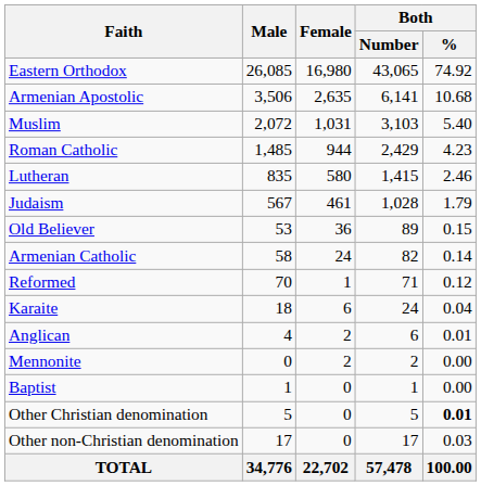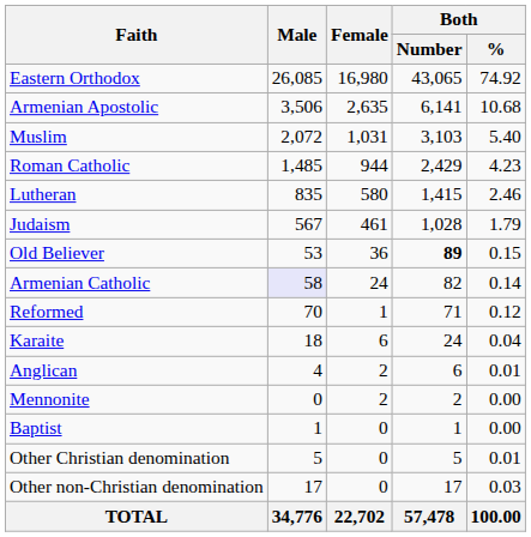 <table class="wikitable sortable">
 <tr>
 <th rowspan="2">Faith</th>
 <th rowspan="2">Male</th>
 <th rowspan="2">Female</th>
 <th colspan="2">Both</th>
 </tr>
 <tr>
 <th>Number</th>
 <th>%</th>
 </tr>
 <tr>
 <td><a href='#'>Eastern Orthodox</a></td>
 <td align="right">26,085</td>
 <td align="right">16,980</td>
 <td align="right">43,065</td>
 <td align="right">74.92</td>
 </tr>
 <tr>
 <td><a href='#'>Armenian Apostolic</a></td>
 <td align="right">3,506</td>
 <td align="right">2,635</td>
 <td align="right">6,141</td>
 <td align="right">10.68</td>
 </tr>
 <tr>
 <td><a href='#'>Muslim</a></td>
 <td align="right">2,072</td>
 <td align="right">1,031</td>
 <td align="right">3,103</td>
 <td align="right">5.40</td>
 </tr>
 <tr>
 <td><a href='#'>Roman Catholic</a></td>
 <td align="right">1,485</td>
 <td align="right">944</td>
 <td align="right">2,429</td>
 <td align="right">4.23</td>
 </tr>
 <tr>
 <td><a href='#'>Lutheran</a></td>
 <td align="right">835</td>
 <td align="right">580</td>
 <td align="right">1,415</td>
 <td align="right">2.46</td>
 </tr>
 <tr>
 <td><a href='#'>Judaism</a></td>
 <td align="right">567</td>
 <td align="right">461</td>
 <td align="right">1,028</td>
 <td align="right">1.79</td>
 </tr>
 <tr>
 <td><a href='#'>Old Believer</a></td>
 <td align="right">53</td>
 <td align="right">36</td>
-<td align="right">89</td>
+<td align="right"><strong>89</strong></td>
 <td align="right">0.15</td>
 </tr>
 <tr>
 <td><a href='#'>Armenian Catholic</a></td>
-<td align="right">58</td>
+<td align="right" style="background: lavender;">58</td>
 <td align="right">24</td>
 <td align="right">82</td>
 <td align="right">0.14</td>
 </tr>
 <tr>
 <td><a href='#'>Reformed</a></td>
 <td align="right">70</td>
 <td align="right">1</td>
 <td align="right">71</td>
 <td align="right">0.12</td>
 </tr>
 <tr>
 <td><a href='#'>Karaite</a></td>
 <td align="right">18</td>
 <td align="right">6</td>
 <td align="right">24</td>
 <td align="right">0.04</td>
 </tr>
 <tr>
 <td><a href='#'>Anglican</a></td>
 <td align="right">4</td>
 <td align="right">2</td>
 <td align="right">6</td>
 <td align="right">0.01</td>
 </tr>
 <tr>
 <td><a href='#'>Mennonite</a></td>
 <td align="right">0</td>
 <td align="right">2</td>
 <td align="right">2</td>
 <td align="right">0.00</td>
 </tr>
 <tr>
 <td><a href='#'>Baptist</a></td>
 <td align="right">1</td>
 <td align="right">0</td>
 <td align="right">1</td>
 <td align="right">0.00</td>
 </tr>
 <tr>
 <td>Other Christian denomination</td>
 <td align="right">5</td>
 <td align="right">0</td>
 <td align="right">5</td>
-<td align="right"><strong>0.01</strong></td>
+<td align="right">0.01</td>
 </tr>
 <tr>
 <td>Other non-Christian denomination</td>
 <td align="right">17</td>
 <td align="right">0</td>
 <td align="right">17</td>
 <td align="right">0.03</td>
 </tr>
 <tr>
 <th>TOTAL</th>
 <th>34,776</th>
 <th>22,702</th>
 <th>57,478</th>
 <th>100.00</th>
 </tr>
 </table>
